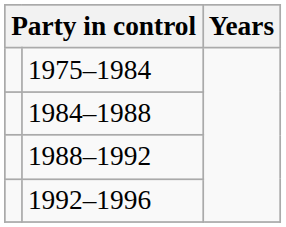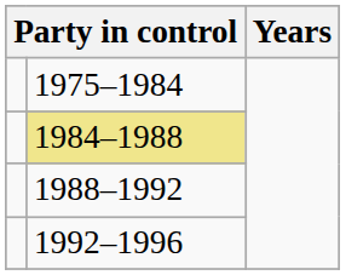 <table class="wikitable">
 <tr>
 <th colspan="2">Party in control</th>
 <th>Years</th>
 </tr>
 <tr>
 <td></td>
 <td>1975–1984</td>
 </tr>
 <tr>
 <td></td>
-<td>1984–1988</td>
+<td style="background: khaki;">1984–1988</td>
 </tr>
 <tr>
 <td></td>
 <td>1988–1992</td>
 </tr>
 <tr>
 <td></td>
 <td>1992–1996</td>
 </tr>
 </table>
